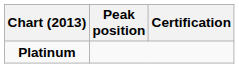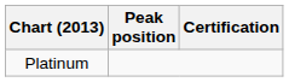 <table class="wikitable sortable plainrowheaders" style="text-align:center;">
 <tr>
 <th scope="col">Chart (2013)</th>
 <th scope="col">Peak<br>position</th>
 <th scope="col">Certification</th>
 </tr>
 <tr>
-<td><strong>Platinum</strong></td>
+<td>Platinum</td>
 </tr>
 </table>
